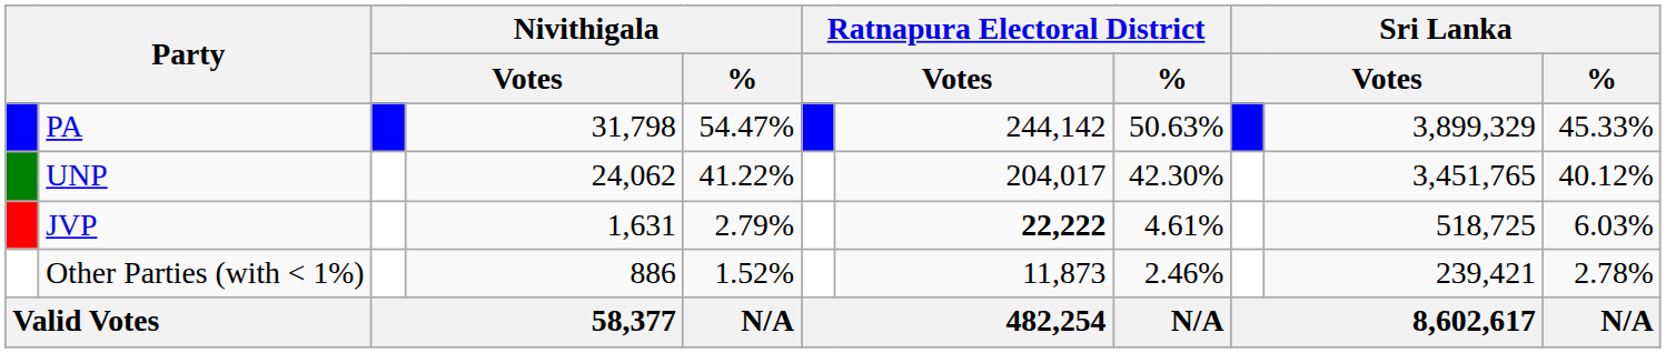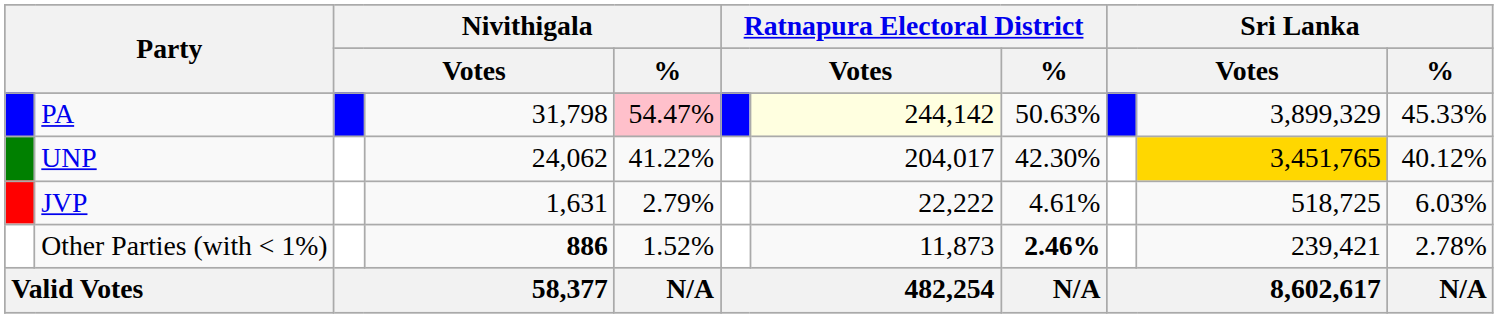 <table class="wikitable">
 <tr>
 <th colspan="2" width="144px"rowspan="2">Party</th>
 <th colspan="3" width="216px">Nivithigala</th>
 <th colspan="3" width="216px"><a href='#'>Ratnapura Electoral District</a></th>
 <th colspan="3" width="216px">Sri Lanka</th>
 </tr>
 <tr>
 <th colspan="2" width="144px">Votes</th>
 <th>%</th>
 <th colspan="2" width="144px">Votes</th>
 <th>%</th>
 <th colspan="2" width="144px">Votes</th>
 <th>%</th>
 </tr>
 <tr>
 <td style="background-color:blue;" width="10px"></td>
 <td style="text-align:left;"><a href='#'>PA</a></td>
 <td style="background-color:blue;" width="10px"></td>
 <td style="text-align:right;">31,798</td>
-<td style="text-align:right;">54.47%</td>
+<td style="background: pink; text-align:right;">54.47%</td>
 <td style="background-color:blue;" width="10px"></td>
-<td style="text-align:right;">244,142</td>
+<td style="background: lightyellow; text-align:right;">244,142</td>
 <td style="text-align:right;">50.63%</td>
 <td style="background-color:blue;" width="10px"></td>
 <td style="text-align:right;">3,899,329</td>
 <td style="text-align:right;">45.33%</td>
 </tr>
 <tr>
 <td style="background-color:green;" width="10px"></td>
 <td style="text-align:left;"><a href='#'>UNP</a></td>
 <td style="background-color:white;" width="10px"></td>
 <td style="text-align:right;">24,062</td>
 <td style="text-align:right;">41.22%</td>
 <td style="background-color:white;" width="10px"></td>
 <td style="text-align:right;">204,017</td>
 <td style="text-align:right;">42.30%</td>
 <td style="background-color:white;" width="10px"></td>
-<td style="text-align:right;">3,451,765</td>
+<td style="background: gold; text-align:right;">3,451,765</td>
 <td style="text-align:right;">40.12%</td>
 </tr>
 <tr>
 <td style="background-color:red;" width="10px"></td>
 <td style="text-align:left;"><a href='#'>JVP</a></td>
 <td style="background-color:white;" width="10px"></td>
 <td style="text-align:right;">1,631</td>
 <td style="text-align:right;">2.79%</td>
 <td style="background-color:white;" width="10px"></td>
-<td style="text-align:right;"><strong>22,222</strong></td>
+<td style="text-align:right;">22,222</td>
 <td style="text-align:right;">4.61%</td>
 <td style="background-color:white;" width="10px"></td>
 <td style="text-align:right;">518,725</td>
 <td style="text-align:right;">6.03%</td>
 </tr>
 <tr>
 <td style="background-color:white;" width="10px"></td>
 <td style="text-align:left;">Other Parties (with < 1%)</td>
 <td style="background-color:white;" width="10px"></td>
-<td style="text-align:right;">886</td>
+<td style="text-align:right;"><strong>886</strong></td>
 <td style="text-align:right;">1.52%</td>
 <td style="background-color:white;" width="10px"></td>
 <td style="text-align:right;">11,873</td>
-<td style="text-align:right;">2.46%</td>
+<td style="text-align:right;"><strong>2.46%</strong></td>
 <td style="background-color:white;" width="10px"></td>
 <td style="text-align:right;">239,421</td>
 <td style="text-align:right;">2.78%</td>
 </tr>
 <tr>
 <th colspan="2" width="144px"style="text-align:left;">Valid Votes</th>
 <th style="text-align:right;"colspan="2" width="144px">58,377</th>
 <th style="text-align:right;">N/A</th>
 <th style="text-align:right;"colspan="2" width="144px">482,254</th>
 <th style="text-align:right;">N/A</th>
 <th style="text-align:right;"colspan="2" width="144px">8,602,617</th>
 <th style="text-align:right;">N/A</th>
 </tr>
 </table>
